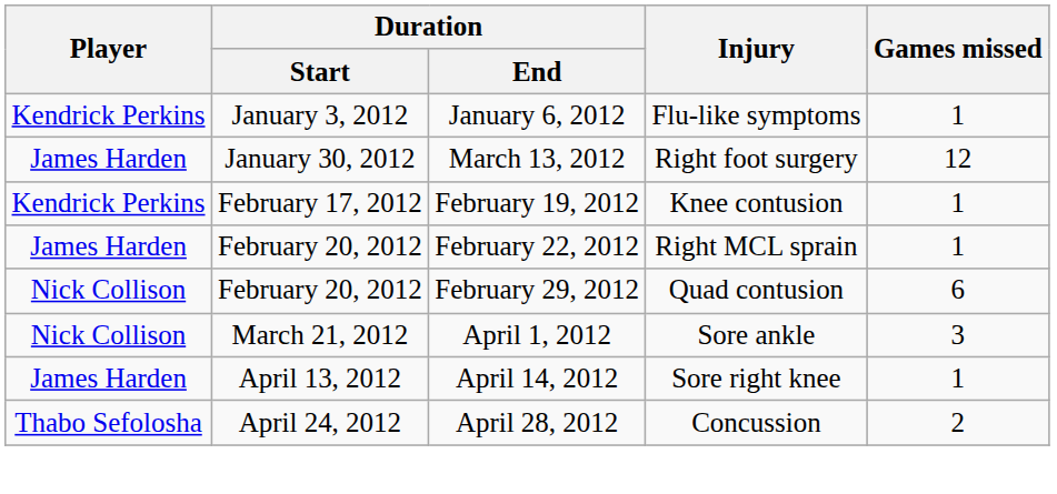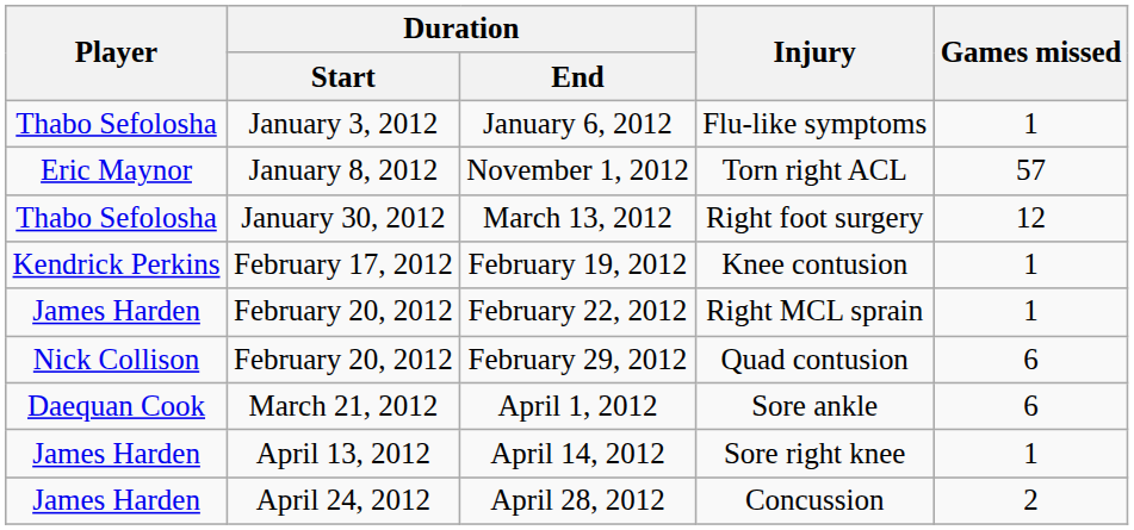 <table class="wikitable sortable collapsible" style="text-align:center;">
 <tr>
 <th rowspan="2">Player</th>
 <th colspan="2">Duration</th>
 <th rowspan="2">Injury</th>
 <th rowspan="2">Games missed</th>
 </tr>
 <tr>
 <th>Start</th>
 <th>End</th>
 </tr>
 <tr>
-<td><a href='#'>Kendrick Perkins</a></td>
+<td><a href='#'>Thabo Sefolosha</a></td>
 <td>January 3, 2012</td>
 <td>January 6, 2012</td>
 <td>Flu-like symptoms</td>
 <td>1</td>
 </tr>
 <tr>
-<td><a href='#'>James Harden</a></td>
+<td><a href='#'>Eric Maynor</a></td>
+<td>January 8, 2012</td>
+<td>November 1, 2012</td>
+<td>Torn right ACL</td>
+<td>57</td>
+</tr>
+<tr>
+<td><a href='#'>Thabo Sefolosha</a></td>
 <td>January 30, 2012</td>
 <td>March 13, 2012</td>
 <td>Right foot surgery</td>
 <td>12</td>
 </tr>
 <tr>
 <td><a href='#'>Kendrick Perkins</a></td>
 <td>February 17, 2012</td>
 <td>February 19, 2012</td>
 <td>Knee contusion</td>
 <td>1</td>
 </tr>
 <tr>
 <td><a href='#'>James Harden</a></td>
 <td>February 20, 2012</td>
 <td>February 22, 2012</td>
 <td>Right MCL sprain</td>
 <td>1</td>
 </tr>
 <tr>
 <td><a href='#'>Nick Collison</a></td>
 <td>February 20, 2012</td>
 <td>February 29, 2012</td>
 <td>Quad contusion</td>
 <td>6</td>
 </tr>
 <tr>
-<td><a href='#'>Nick Collison</a></td>
+<td><a href='#'>Daequan Cook</a></td>
 <td>March 21, 2012</td>
 <td>April 1, 2012</td>
 <td>Sore ankle</td>
-<td>3</td>
+<td>6</td>
 </tr>
 <tr>
 <td><a href='#'>James Harden</a></td>
 <td>April 13, 2012</td>
 <td>April 14, 2012</td>
 <td>Sore right knee</td>
 <td>1</td>
 </tr>
 <tr>
-<td><a href='#'>Thabo Sefolosha</a></td>
+<td><a href='#'>James Harden</a></td>
 <td>April 24, 2012</td>
 <td>April 28, 2012</td>
 <td>Concussion</td>
 <td>2</td>
 </tr>
 </table>
